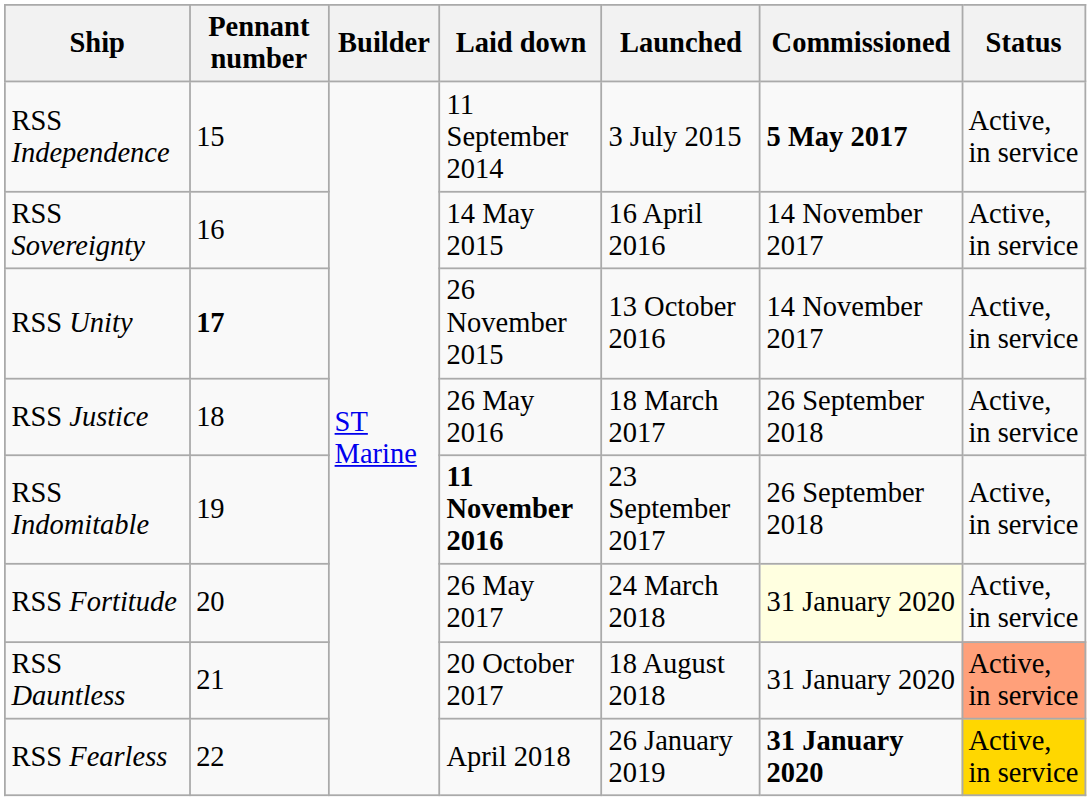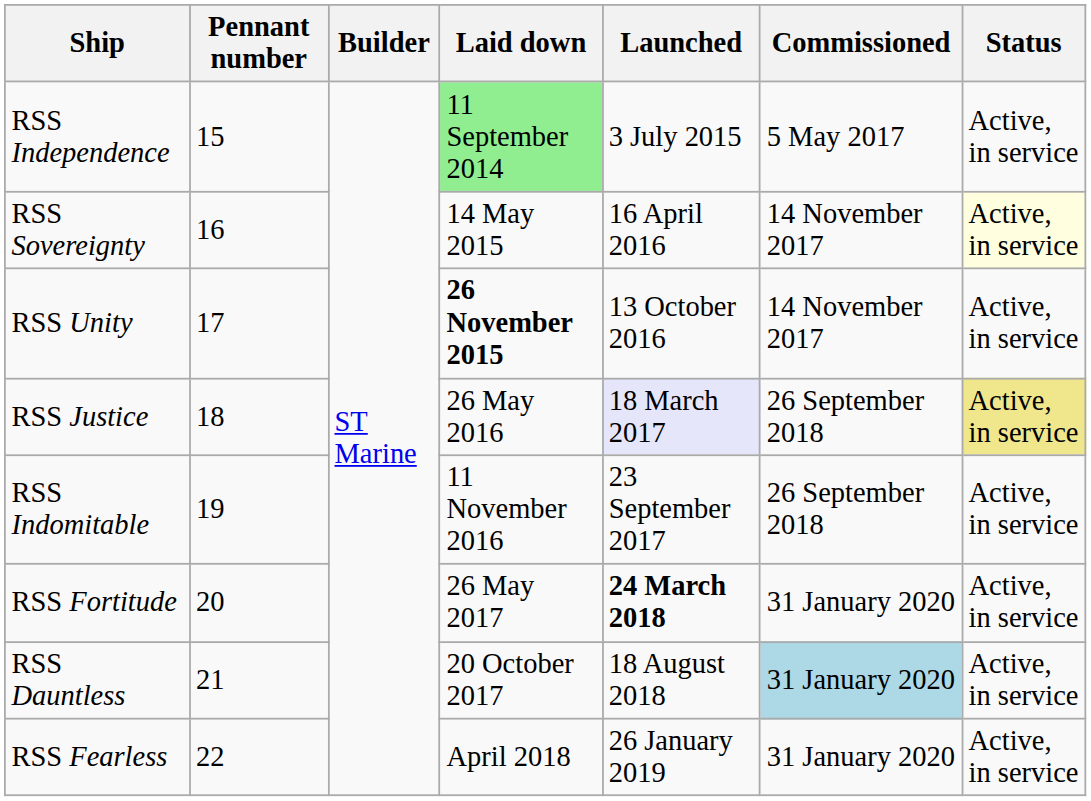 <table class="wikitable">
 <tr>
 <th>Ship</th>
 <th>Pennant number</th>
 <th>Builder</th>
 <th>Laid down</th>
 <th>Launched</th>
 <th>Commissioned</th>
 <th>Status</th>
 </tr>
 <tr>
 <td>RSS <em>Independence</em></td>
 <td>15</td>
 <td rowspan=8><a href='#'>ST Marine</a></td>
-<td>11 September 2014</td>
+<td style="background: lightgreen;">11 September 2014</td>
 <td>3 July 2015</td>
-<td><strong>5 May 2017</strong></td>
+<td>5 May 2017</td>
 <td>Active, in service</td>
 </tr>
 <tr>
 <td>RSS <em>Sovereignty</em></td>
 <td>16</td>
 <td>14 May 2015</td>
 <td>16 April 2016</td>
 <td>14 November 2017</td>
-<td>Active, in service</td>
+<td style="background: lightyellow;">Active, in service</td>
 </tr>
 <tr>
 <td>RSS <em>Unity</em></td>
-<td><strong>17</strong></td>
-<td>26 November 2015</td>
+<td>17</td>
+<td><strong>26 November 2015</strong></td>
 <td>13 October 2016</td>
 <td>14 November 2017</td>
 <td>Active, in service</td>
 </tr>
 <tr>
 <td>RSS <em>Justice</em></td>
 <td>18</td>
 <td>26 May 2016</td>
-<td>18 March 2017</td>
+<td style="background: lavender;">18 March 2017</td>
 <td>26 September 2018</td>
-<td>Active, in service</td>
+<td style="background: khaki;">Active, in service</td>
 </tr>
 <tr>
 <td>RSS <em>Indomitable</em></td>
 <td>19</td>
-<td><strong>11 November 2016</strong></td>
+<td>11 November 2016</td>
 <td>23 September 2017</td>
 <td>26 September 2018</td>
 <td>Active, in service</td>
 </tr>
 <tr>
 <td>RSS <em>Fortitude</em></td>
 <td>20</td>
 <td>26 May 2017</td>
-<td>24 March 2018</td>
-<td style="background: lightyellow;">31 January 2020</td>
+<td><strong>24 March 2018</strong></td>
+<td>31 January 2020</td>
 <td>Active, in service</td>
 </tr>
 <tr>
 <td>RSS <em>Dauntless</em></td>
 <td>21</td>
 <td>20 October 2017</td>
 <td>18 August 2018</td>
-<td>31 January 2020</td>
-<td style="background: lightsalmon;">Active, in service</td>
+<td style="background: lightblue;">31 January 2020</td>
+<td>Active, in service</td>
 </tr>
 <tr>
 <td>RSS <em>Fearless</em></td>
 <td>22</td>
 <td>April 2018</td>
 <td>26 January 2019</td>
-<td><strong>31 January 2020</strong></td>
-<td style="background: gold;">Active, in service</td>
+<td>31 January 2020</td>
+<td>Active, in service</td>
 </tr>
 </table>
